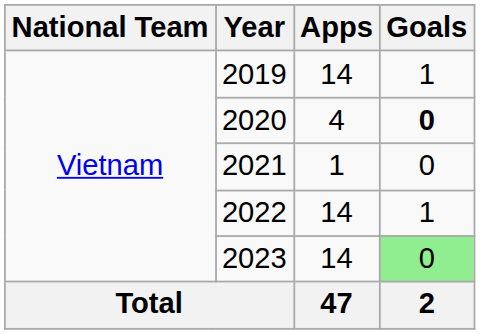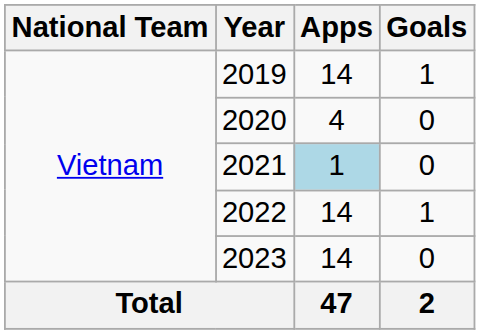 <table class="wikitable" style="text-align:center">
 <tr>
 <th>National Team</th>
 <th>Year</th>
 <th>Apps</th>
 <th>Goals</th>
 </tr>
 <tr>
 <td rowspan="5"><a href='#'>Vietnam</a></td>
 <td>2019</td>
 <td>14</td>
 <td>1</td>
 </tr>
 <tr>
 <td>2020</td>
 <td>4</td>
-<td><strong>0</strong></td>
+<td>0</td>
 </tr>
 <tr>
 <td>2021</td>
-<td>1</td>
+<td style="background: lightblue;">1</td>
 <td>0</td>
 </tr>
 <tr>
 <td>2022</td>
 <td>14</td>
 <td>1</td>
 </tr>
 <tr>
 <td>2023</td>
 <td>14</td>
-<td style="background: lightgreen;">0</td>
+<td>0</td>
 </tr>
 <tr>
 <th colspan=2>Total</th>
 <th>47</th>
 <th>2</th>
 </tr>
 </table>
